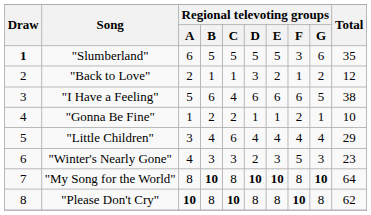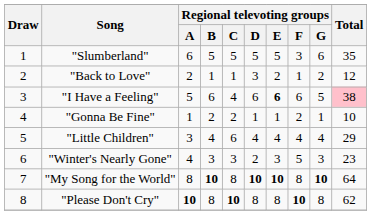 <table class="sortable wikitable" style="margin: 1em auto 1em auto; text-align:center;">
 <tr>
 </tr>
 <tr>
 <th rowspan="2">Draw</th>
 <th rowspan="2">Song</th>
 <th colspan="7">Regional televoting groups</th>
 <th rowspan="2">Total</th>
 </tr>
 <tr>
 <th>A</th>
 <th>B</th>
 <th>C</th>
 <th>D</th>
 <th>E</th>
 <th>F</th>
 <th>G</th>
 </tr>
 <tr>
-<td><strong>1</strong></td>
+<td>1</td>
 <td>"Slumberland"</td>
 <td>6</td>
 <td>5</td>
 <td>5</td>
 <td>5</td>
 <td>5</td>
 <td>3</td>
 <td>6</td>
 <td>35</td>
 </tr>
 <tr>
 <td>2</td>
 <td>"Back to Love"</td>
 <td>2</td>
 <td>1</td>
 <td>1</td>
 <td>3</td>
 <td>2</td>
 <td>1</td>
 <td>2</td>
 <td>12</td>
 </tr>
 <tr>
 <td>3</td>
 <td>"I Have a Feeling"</td>
 <td>5</td>
 <td>6</td>
 <td>4</td>
 <td>6</td>
-<td>6</td>
+<td><strong>6</strong></td>
 <td>6</td>
 <td>5</td>
-<td>38</td>
+<td style="background: pink;">38</td>
 </tr>
 <tr>
 <td>4</td>
 <td>"Gonna Be Fine"</td>
 <td>1</td>
 <td>2</td>
 <td>2</td>
 <td>1</td>
 <td>1</td>
 <td>2</td>
 <td>1</td>
 <td>10</td>
 </tr>
 <tr>
 <td>5</td>
 <td>"Little Children"</td>
 <td>3</td>
 <td>4</td>
 <td>6</td>
 <td>4</td>
 <td>4</td>
 <td>4</td>
 <td>4</td>
 <td>29</td>
 </tr>
 <tr>
 <td>6</td>
 <td>"Winter's Nearly Gone"</td>
 <td>4</td>
 <td>3</td>
 <td>3</td>
 <td>2</td>
 <td>3</td>
 <td>5</td>
 <td>3</td>
 <td>23</td>
 </tr>
 <tr>
 <td>7</td>
 <td>"My Song for the World"</td>
 <td>8</td>
 <td><strong>10</strong></td>
 <td>8</td>
 <td><strong>10</strong></td>
 <td><strong>10</strong></td>
 <td>8</td>
 <td><strong>10</strong></td>
 <td>64</td>
 </tr>
 <tr>
 <td>8</td>
 <td>"Please Don't Cry"</td>
 <td><strong>10</strong></td>
 <td>8</td>
 <td><strong>10</strong></td>
 <td>8</td>
 <td>8</td>
 <td><strong>10</strong></td>
 <td>8</td>
 <td>62</td>
 </tr>
 <tr>
 </tr>
 </table>
